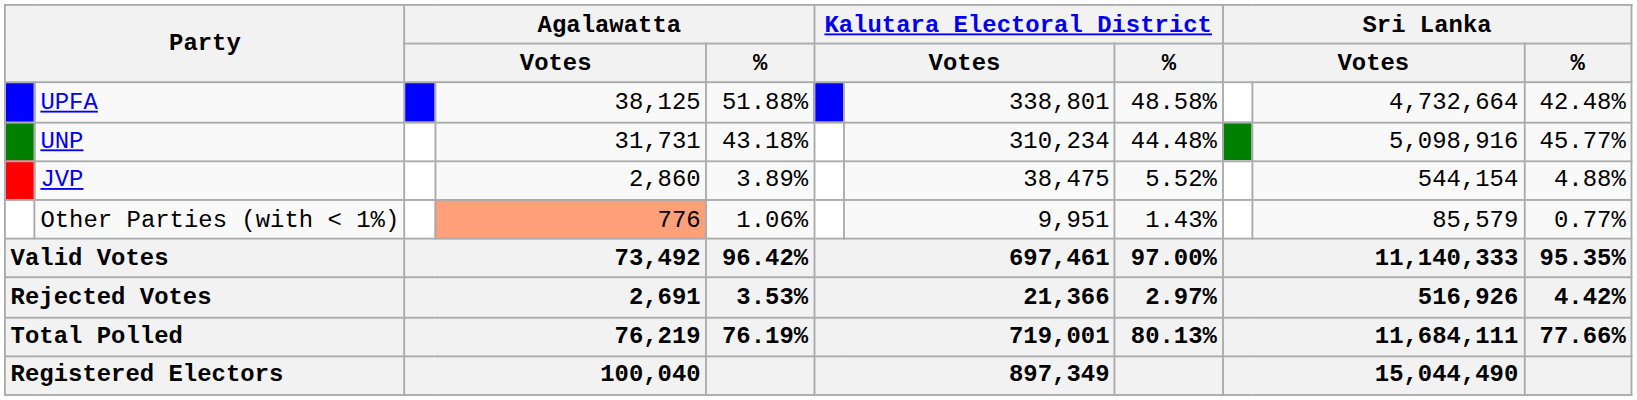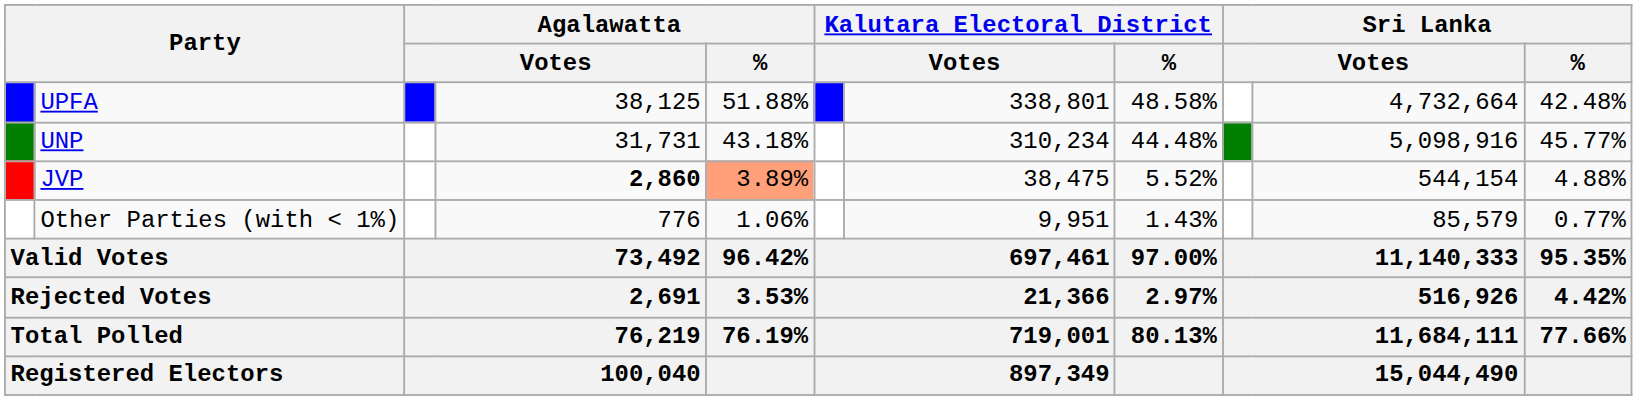 <table class="wikitable">
 <tr>
 <th colspan="2" width="144px"rowspan="2">Party</th>
 <th colspan="3" width="216px">Agalawatta</th>
 <th colspan="3" width="216px"><a href='#'>Kalutara Electoral District</a></th>
 <th colspan="3" width="216px">Sri Lanka</th>
 </tr>
 <tr>
 <th colspan="2" width="144px">Votes</th>
 <th>%</th>
 <th colspan="2" width="144px">Votes</th>
 <th>%</th>
 <th colspan="2" width="144px">Votes</th>
 <th>%</th>
 </tr>
 <tr>
 <td style="background-color:blue;" width="10px"></td>
 <td style="text-align:left;"><a href='#'>UPFA</a></td>
 <td style="background-color:blue;" width="10px"></td>
 <td style="text-align:right;">38,125</td>
 <td style="text-align:right;">51.88%</td>
 <td style="background-color:blue;" width="10px"></td>
 <td style="text-align:right;">338,801</td>
 <td style="text-align:right;">48.58%</td>
 <td style="background-color:white;" width="10px"></td>
 <td style="text-align:right;">4,732,664</td>
 <td style="text-align:right;">42.48%</td>
 </tr>
 <tr>
 <td style="background-color:green;" width="10px"></td>
 <td style="text-align:left;"><a href='#'>UNP</a></td>
 <td style="background-color:white;" width="10px"></td>
 <td style="text-align:right;">31,731</td>
 <td style="text-align:right;">43.18%</td>
 <td style="background-color:white;" width="10px"></td>
 <td style="text-align:right;">310,234</td>
 <td style="text-align:right;">44.48%</td>
 <td style="background-color:green;" width="10px"></td>
 <td style="text-align:right;">5,098,916</td>
 <td style="text-align:right;">45.77%</td>
 </tr>
 <tr>
 <td style="background-color:red;" width="10px"></td>
 <td style="text-align:left;"><a href='#'>JVP</a></td>
 <td style="background-color:white;" width="10px"></td>
-<td style="text-align:right;">2,860</td>
-<td style="text-align:right;">3.89%</td>
+<td style="text-align:right;"><strong>2,860</strong></td>
+<td style="background: lightsalmon; text-align:right;">3.89%</td>
 <td style="background-color:white;" width="10px"></td>
 <td style="text-align:right;">38,475</td>
 <td style="text-align:right;">5.52%</td>
 <td style="background-color:white;" width="10px"></td>
 <td style="text-align:right;">544,154</td>
 <td style="text-align:right;">4.88%</td>
 </tr>
 <tr>
 <td style="background-color:white;" width="10px"></td>
 <td style="text-align:left;">Other Parties (with < 1%)</td>
 <td style="background-color:white;" width="10px"></td>
-<td style="background: lightsalmon; text-align:right;">776</td>
+<td style="text-align:right;">776</td>
 <td style="text-align:right;">1.06%</td>
 <td style="background-color:white;" width="10px"></td>
 <td style="text-align:right;">9,951</td>
 <td style="text-align:right;">1.43%</td>
 <td style="background-color:white;" width="10px"></td>
 <td style="text-align:right;">85,579</td>
 <td style="text-align:right;">0.77%</td>
 </tr>
 <tr>
 <th colspan="2" width="144px"style="text-align:left;">Valid Votes</th>
 <th style="text-align:right;"colspan="2" width="144px">73,492</th>
 <th style="text-align:right;">96.42%</th>
 <th style="text-align:right;"colspan="2" width="144px">697,461</th>
 <th style="text-align:right;">97.00%</th>
 <th style="text-align:right;"colspan="2" width="144px">11,140,333</th>
 <th style="text-align:right;">95.35%</th>
 </tr>
 <tr>
 <th colspan="2" width="144px"style="text-align:left;">Rejected Votes</th>
 <th style="text-align:right;"colspan="2" width="144px">2,691</th>
 <th style="text-align:right;">3.53%</th>
 <th style="text-align:right;"colspan="2" width="144px">21,366</th>
 <th style="text-align:right;">2.97%</th>
 <th style="text-align:right;"colspan="2" width="144px">516,926</th>
 <th style="text-align:right;">4.42%</th>
 </tr>
 <tr>
 <th colspan="2" width="144px"style="text-align:left;">Total Polled</th>
 <th style="text-align:right;"colspan="2" width="144px">76,219</th>
 <th style="text-align:right;">76.19%</th>
 <th style="text-align:right;"colspan="2" width="144px">719,001</th>
 <th style="text-align:right;">80.13%</th>
 <th style="text-align:right;"colspan="2" width="144px">11,684,111</th>
 <th style="text-align:right;">77.66%</th>
 </tr>
 <tr>
 <th colspan="2" width="144px"style="text-align:left;">Registered Electors</th>
 <th style="text-align:right;"colspan="2" width="144px">100,040</th>
 <th></th>
 <th style="text-align:right;"colspan="2" width="144px">897,349</th>
 <th></th>
 <th style="text-align:right;"colspan="2" width="144px">15,044,490</th>
 <th></th>
 </tr>
 </table>
